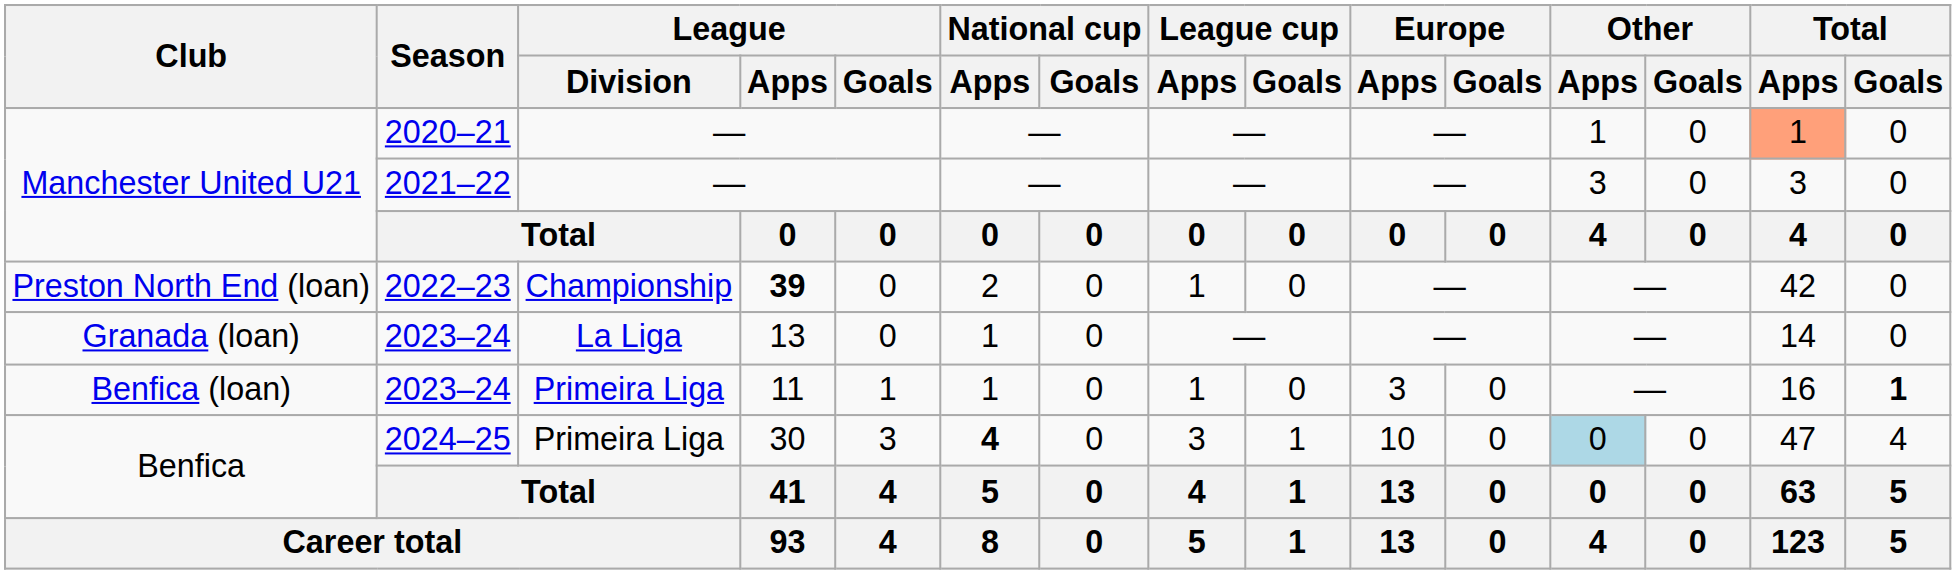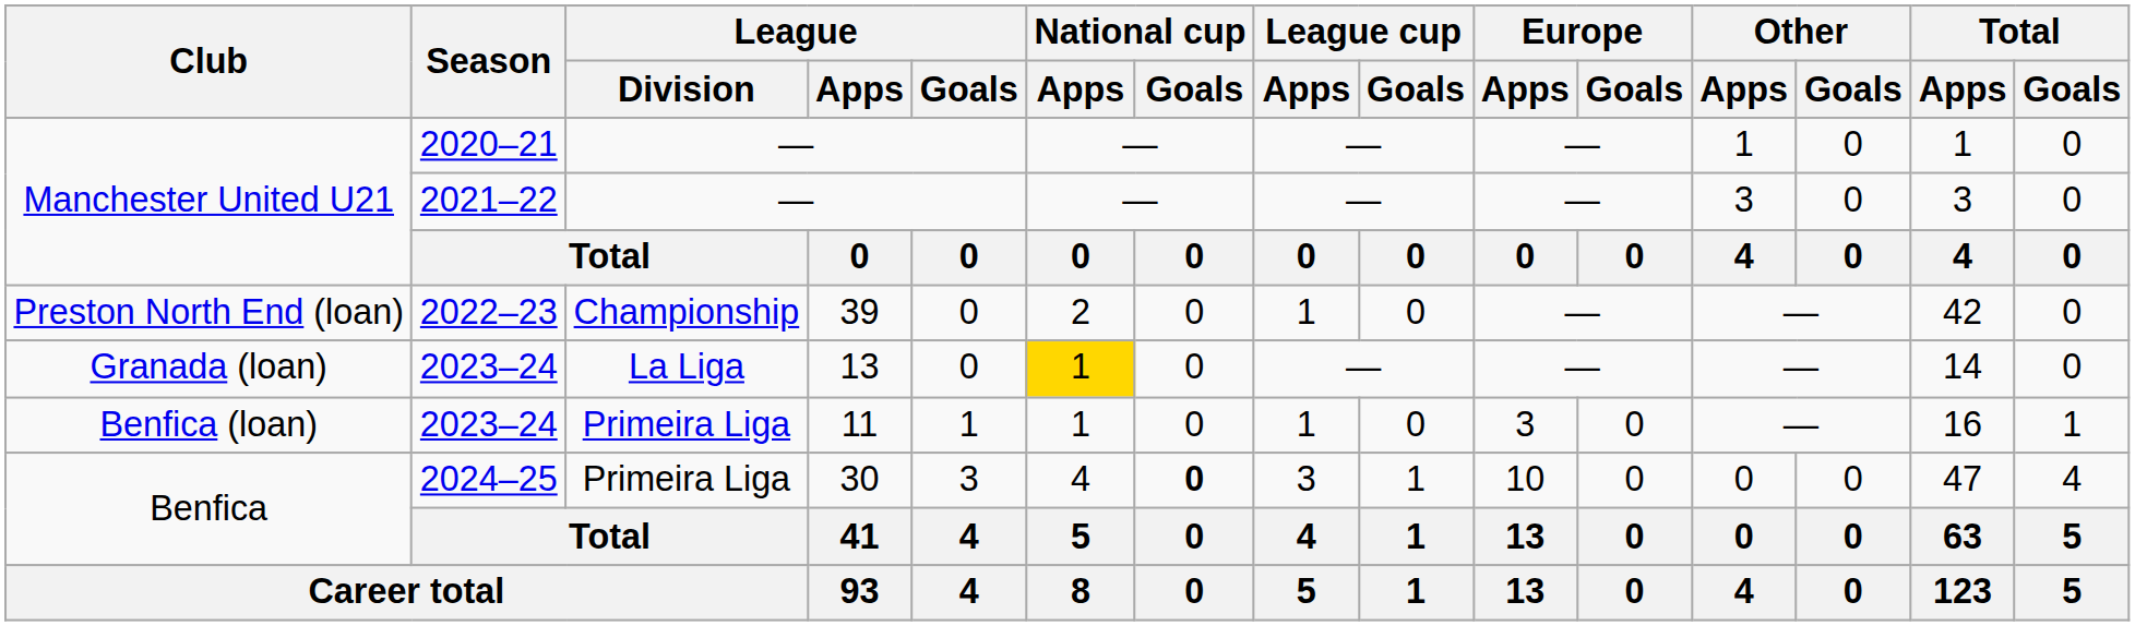 <table class="wikitable" style="text-align:center">
 <tr>
 <th rowspan="2">Club</th>
 <th rowspan="2">Season</th>
 <th colspan="3">League</th>
 <th colspan="2">National cup</th>
 <th colspan="2">League cup</th>
 <th colspan="2">Europe</th>
 <th colspan="2">Other</th>
 <th colspan="2">Total</th>
 </tr>
 <tr>
 <th>Division</th>
 <th>Apps</th>
 <th>Goals</th>
 <th>Apps</th>
 <th>Goals</th>
 <th>Apps</th>
 <th>Goals</th>
 <th>Apps</th>
 <th>Goals</th>
 <th>Apps</th>
 <th>Goals</th>
 <th>Apps</th>
 <th>Goals</th>
 </tr>
 <tr>
 <td rowspan="3"><a href='#'>Manchester United U21</a></td>
 <td><a href='#'>2020–21</a></td>
 <td colspan="3">—</td>
 <td colspan="2">—</td>
 <td colspan="2">—</td>
 <td colspan="2">—</td>
 <td>1</td>
 <td>0</td>
-<td style="background: lightsalmon;">1</td>
+<td>1</td>
 <td>0</td>
 </tr>
 <tr>
 <td><a href='#'>2021–22</a></td>
 <td colspan="3">—</td>
 <td colspan="2">—</td>
 <td colspan="2">—</td>
 <td colspan="2">—</td>
 <td>3</td>
 <td>0</td>
 <td>3</td>
 <td>0</td>
 </tr>
 <tr>
 <th colspan="2">Total</th>
 <th>0</th>
 <th>0</th>
 <th>0</th>
 <th>0</th>
 <th>0</th>
 <th>0</th>
 <th>0</th>
 <th>0</th>
 <th>4</th>
 <th>0</th>
 <th>4</th>
 <th>0</th>
 </tr>
 <tr>
 <td><a href='#'>Preston North End</a> (loan)</td>
 <td><a href='#'>2022–23</a></td>
 <td><a href='#'>Championship</a></td>
-<td><strong>39</strong></td>
+<td>39</td>
 <td>0</td>
 <td>2</td>
 <td>0</td>
 <td>1</td>
 <td>0</td>
 <td colspan="2">—</td>
 <td colspan="2">—</td>
 <td>42</td>
 <td>0</td>
 </tr>
 <tr>
 <td><a href='#'>Granada</a> (loan)</td>
 <td><a href='#'>2023–24</a></td>
 <td><a href='#'>La Liga</a></td>
 <td>13</td>
 <td>0</td>
-<td>1</td>
+<td style="background: gold;">1</td>
 <td>0</td>
 <td colspan="2">—</td>
 <td colspan="2">—</td>
 <td colspan="2">—</td>
 <td>14</td>
 <td>0</td>
 </tr>
 <tr>
 <td><a href='#'>Benfica</a> (loan)</td>
 <td><a href='#'>2023–24</a></td>
 <td><a href='#'>Primeira Liga</a></td>
 <td>11</td>
 <td>1</td>
 <td>1</td>
 <td>0</td>
 <td>1</td>
 <td>0</td>
 <td>3</td>
 <td>0</td>
 <td colspan="2">—</td>
 <td>16</td>
-<td><strong>1</strong></td>
+<td>1</td>
 </tr>
 <tr>
 <td rowspan="2">Benfica</td>
 <td><a href='#'>2024–25</a></td>
 <td>Primeira Liga</td>
 <td>30</td>
 <td>3</td>
-<td><strong>4</strong></td>
-<td>0</td>
+<td>4</td>
+<td><strong>0</strong></td>
 <td>3</td>
 <td>1</td>
 <td>10</td>
 <td>0</td>
-<td style="background: lightblue;">0</td>
+<td>0</td>
 <td>0</td>
 <td>47</td>
 <td>4</td>
 </tr>
 <tr>
 <th colspan="2">Total</th>
 <th>41</th>
 <th>4</th>
 <th>5</th>
 <th>0</th>
 <th>4</th>
 <th>1</th>
 <th>13</th>
 <th>0</th>
 <th>0</th>
 <th>0</th>
 <th>63</th>
 <th>5</th>
 </tr>
 <tr>
 <th colspan="3">Career total</th>
 <th>93</th>
 <th>4</th>
 <th>8</th>
 <th>0</th>
 <th>5</th>
 <th>1</th>
 <th>13</th>
 <th>0</th>
 <th>4</th>
 <th>0</th>
 <th>123</th>
 <th>5</th>
 </tr>
 </table>
